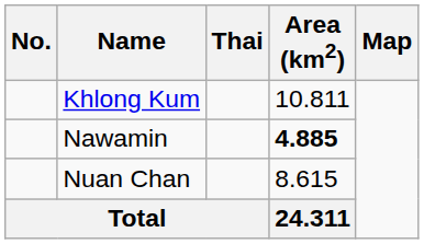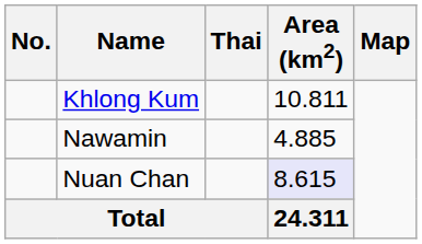 <table class="wikitable sortable">
 <tr>
 <th>No.</th>
 <th>Name</th>
 <th>Thai</th>
 <th>Area<br>(km<sup>2</sup>)</th>
 <th>Map</th>
 </tr>
 <tr>
 <td></td>
 <td><a href='#'>Khlong Kum</a></td>
 <td></td>
 <td><div>10.811</div></td>
 <td rowspan=4></td>
 </tr>
 <tr>
 <td></td>
 <td>Nawamin</td>
 <td></td>
-<td><strong><div>4.885</div></strong></td>
+<td><div>4.885</div></td>
 </tr>
 <tr>
 <td></td>
 <td>Nuan Chan</td>
 <td></td>
-<td><div>8.615</div></td>
+<td style="background: lavender;"><div>8.615</div></td>
 </tr>
 <tr>
 <th colspan=3>Total</th>
 <th><div>24.311</div></th>
 </tr>
 </table>
